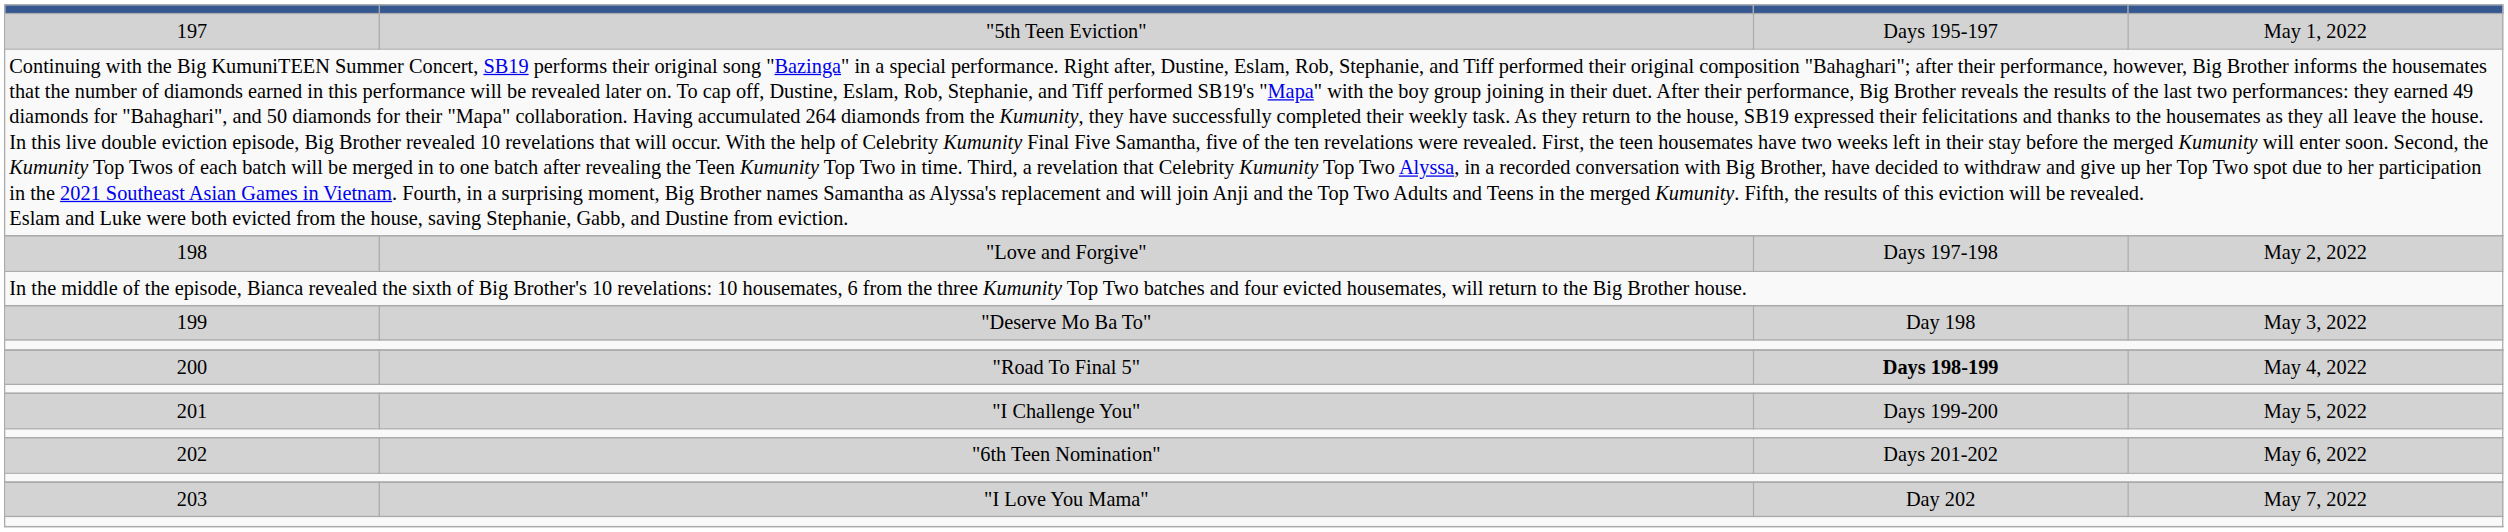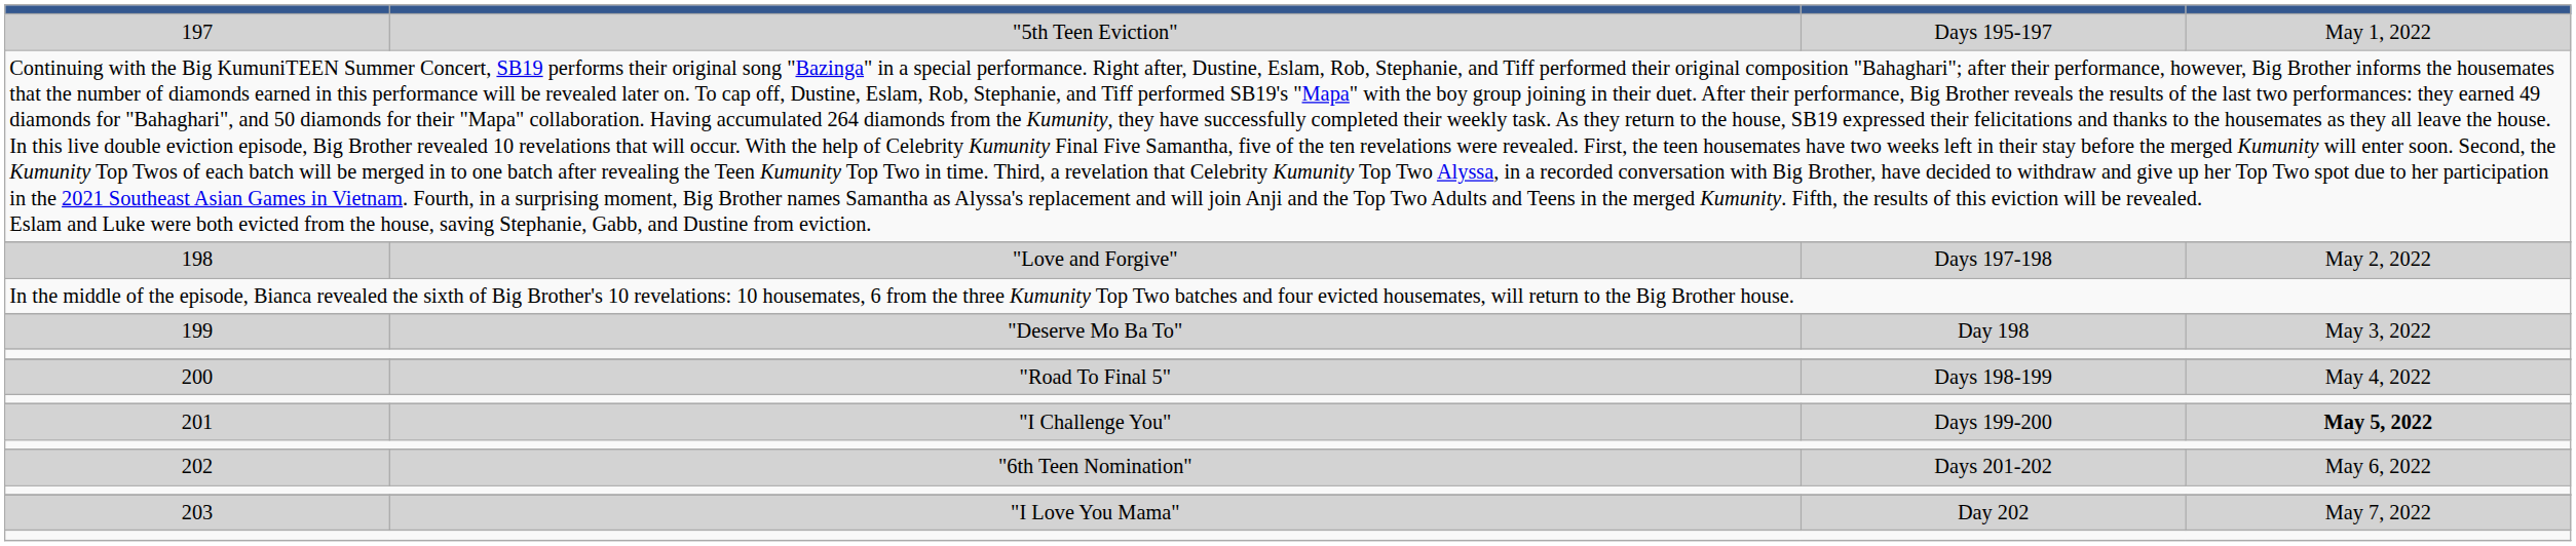 <table class="wikitable sortable" style="font-size:100%; line-height:20px; text-align:center">
 <tr>
 <th width="15%" style="background:#34588F"></th>
 <th width="55%" style="background:#34588F"></th>
 <th width="15%" style="background:#34588F"></th>
 <th width="15%" style="background:#34588F"></th>
 </tr>
 <tr style="background:lightgrey;">
 <td>197</td>
 <td>"5th Teen Eviction"</td>
 <td>Days 195-197</td>
 <td>May 1, 2022</td>
 </tr>
 <tr>
 <td colspan="4" align="left">Continuing with the Big KumuniTEEN Summer Concert, <a href='#'>SB19</a> performs their original song "<a href='#'>Bazinga</a>" in a special performance. Right after, Dustine, Eslam, Rob, Stephanie, and Tiff performed their original composition "Bahaghari"; after their performance, however, Big Brother informs the housemates that the number of diamonds earned in this performance will be revealed later on. To cap off, Dustine, Eslam, Rob, Stephanie, and Tiff performed SB19's "<a href='#'>Mapa</a>" with the boy group joining in their duet. After their performance, Big Brother reveals the results of the last two performances: they earned 49 diamonds for "Bahaghari", and 50 diamonds for their "Mapa" collaboration. Having accumulated 264 diamonds from the <em>Kumunity</em>, they have successfully completed their weekly task. As they return to the house, SB19 expressed their felicitations and thanks to the housemates as they all leave the house.<br>In this live double eviction episode, Big Brother revealed 10 revelations that will occur. With the help of Celebrity <em>Kumunity</em> Final Five Samantha, five of the ten revelations were revealed. First, the teen housemates have two weeks left in their stay before the merged <em>Kumunity</em> will enter soon. Second, the <em>Kumunity</em> Top Twos of each batch will be merged in to one batch after revealing the Teen <em>Kumunity</em> Top Two in time. Third, a revelation that Celebrity <em>Kumunity</em> Top Two <a href='#'>Alyssa</a>, in a recorded conversation with Big Brother, have decided to withdraw and give up her Top Two spot due to her participation in the <a href='#'>2021 Southeast Asian Games in Vietnam</a>. Fourth, in a surprising moment, Big Brother names Samantha as Alyssa's replacement and will join Anji and the Top Two Adults and Teens in the merged <em>Kumunity</em>. Fifth, the results of this eviction will be revealed.<br>Eslam and Luke were both evicted from the house, saving Stephanie, Gabb, and Dustine from eviction.</td>
 </tr>
 <tr>
 </tr>
 <tr style="background:lightgrey;">
 <td>198</td>
 <td>"Love and Forgive"</td>
 <td>Days 197-198</td>
 <td>May 2, 2022</td>
 </tr>
 <tr>
 <td colspan="4" align="left">In the middle of the episode, Bianca revealed the sixth of Big Brother's 10 revelations: 10 housemates, 6 from the three <em>Kumunity</em> Top Two batches and four evicted housemates, will return to the Big Brother house.</td>
 </tr>
 <tr>
 </tr>
 <tr style="background:lightgrey;">
 <td>199</td>
 <td>"Deserve Mo Ba To"</td>
 <td>Day 198</td>
 <td>May 3, 2022</td>
 </tr>
 <tr>
 <td colspan="4" align="left"></td>
 </tr>
 <tr>
 </tr>
 <tr style="background:lightgrey;">
 <td>200</td>
 <td>"Road To Final 5"</td>
-<td><strong>Days 198-199</strong></td>
+<td>Days 198-199</td>
 <td>May 4, 2022</td>
 </tr>
 <tr>
 <td colspan="4" align="left"></td>
 </tr>
 <tr>
 </tr>
 <tr style="background:lightgrey;">
 <td>201</td>
 <td>"I Challenge You"</td>
 <td>Days 199-200</td>
-<td>May 5, 2022</td>
+<td><strong>May 5, 2022</strong></td>
 </tr>
 <tr>
 <td colspan="4" align="left"></td>
 </tr>
 <tr>
 </tr>
 <tr style="background:lightgrey;">
 <td>202</td>
 <td>"6th Teen Nomination"</td>
 <td>Days 201-202</td>
 <td>May 6, 2022</td>
 </tr>
 <tr>
 <td colspan="4" align="left"></td>
 </tr>
 <tr>
 </tr>
 <tr style="background:lightgrey;">
 <td>203</td>
 <td>"I Love You Mama"</td>
 <td>Day 202</td>
 <td>May 7, 2022</td>
 </tr>
 <tr>
 <td colspan="4" align="left"></td>
 </tr>
 <tr>
 </tr>
 </table>
